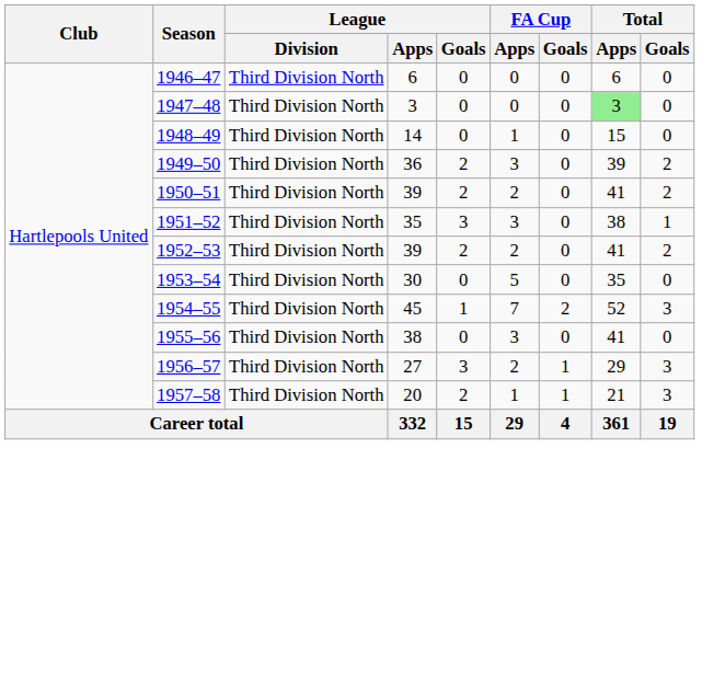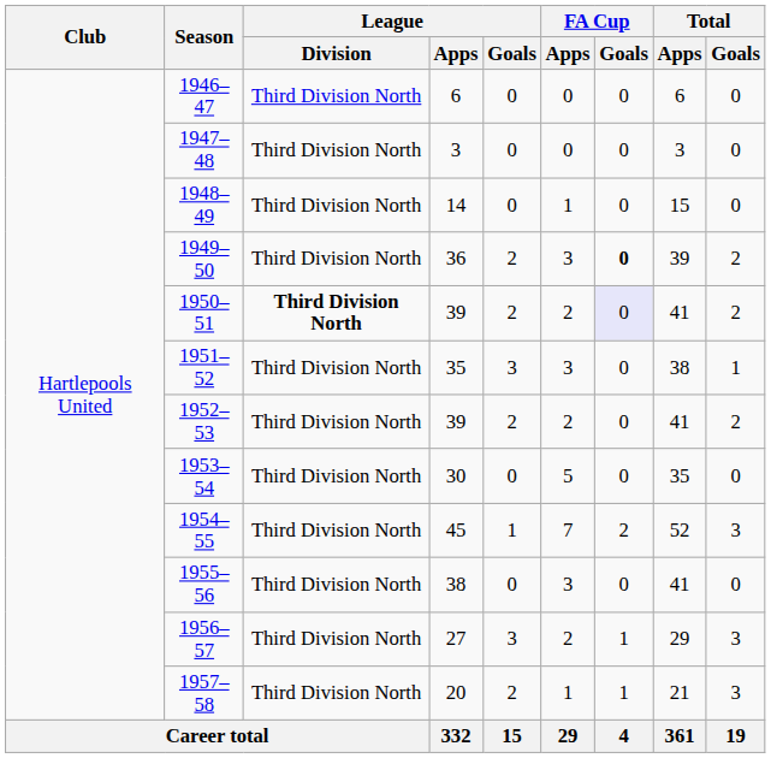 <table class="wikitable" style="text-align: center">
 <tr>
 <th rowspan="2">Club</th>
 <th rowspan="2">Season</th>
 <th colspan="3">League</th>
 <th colspan="2"><a href='#'>FA Cup</a></th>
 <th colspan="2">Total</th>
 </tr>
 <tr>
 <th>Division</th>
 <th>Apps</th>
 <th>Goals</th>
 <th>Apps</th>
 <th>Goals</th>
 <th>Apps</th>
 <th>Goals</th>
 </tr>
 <tr>
 <td rowspan="12"><a href='#'>Hartlepools United</a></td>
 <td><a href='#'>1946–47</a></td>
 <td><a href='#'>Third Division North</a></td>
 <td>6</td>
 <td>0</td>
 <td>0</td>
 <td>0</td>
 <td>6</td>
 <td>0</td>
 </tr>
 <tr>
 <td><a href='#'>1947–48</a></td>
 <td>Third Division North</td>
 <td>3</td>
 <td>0</td>
 <td>0</td>
 <td>0</td>
-<td style="background: lightgreen;">3</td>
+<td>3</td>
 <td>0</td>
 </tr>
 <tr>
 <td><a href='#'>1948–49</a></td>
 <td>Third Division North</td>
 <td>14</td>
 <td>0</td>
 <td>1</td>
 <td>0</td>
 <td>15</td>
 <td>0</td>
 </tr>
 <tr>
 <td><a href='#'>1949–50</a></td>
 <td>Third Division North</td>
 <td>36</td>
 <td>2</td>
 <td>3</td>
-<td>0</td>
+<td><strong>0</strong></td>
 <td>39</td>
 <td>2</td>
 </tr>
 <tr>
 <td><a href='#'>1950–51</a></td>
-<td>Third Division North</td>
+<td><strong>Third Division North</strong></td>
 <td>39</td>
 <td>2</td>
 <td>2</td>
-<td>0</td>
+<td style="background: lavender;">0</td>
 <td>41</td>
 <td>2</td>
 </tr>
 <tr>
 <td><a href='#'>1951–52</a></td>
 <td>Third Division North</td>
 <td>35</td>
 <td>3</td>
 <td>3</td>
 <td>0</td>
 <td>38</td>
 <td>1</td>
 </tr>
 <tr>
 <td><a href='#'>1952–53</a></td>
 <td>Third Division North</td>
 <td>39</td>
 <td>2</td>
 <td>2</td>
 <td>0</td>
 <td>41</td>
 <td>2</td>
 </tr>
 <tr>
 <td><a href='#'>1953–54</a></td>
 <td>Third Division North</td>
 <td>30</td>
 <td>0</td>
 <td>5</td>
 <td>0</td>
 <td>35</td>
 <td>0</td>
 </tr>
 <tr>
 <td><a href='#'>1954–55</a></td>
 <td>Third Division North</td>
 <td>45</td>
 <td>1</td>
 <td>7</td>
 <td>2</td>
 <td>52</td>
 <td>3</td>
 </tr>
 <tr>
 <td><a href='#'>1955–56</a></td>
 <td>Third Division North</td>
 <td>38</td>
 <td>0</td>
 <td>3</td>
 <td>0</td>
 <td>41</td>
 <td>0</td>
 </tr>
 <tr>
 <td><a href='#'>1956–57</a></td>
 <td>Third Division North</td>
 <td>27</td>
 <td>3</td>
 <td>2</td>
 <td>1</td>
 <td>29</td>
 <td>3</td>
 </tr>
 <tr>
 <td><a href='#'>1957–58</a></td>
 <td>Third Division North</td>
 <td>20</td>
 <td>2</td>
 <td>1</td>
 <td>1</td>
 <td>21</td>
 <td>3</td>
 </tr>
 <tr>
 <th colspan="3">Career total</th>
 <th>332</th>
 <th>15</th>
 <th>29</th>
 <th>4</th>
 <th>361</th>
 <th>19</th>
 </tr>
 </table>
